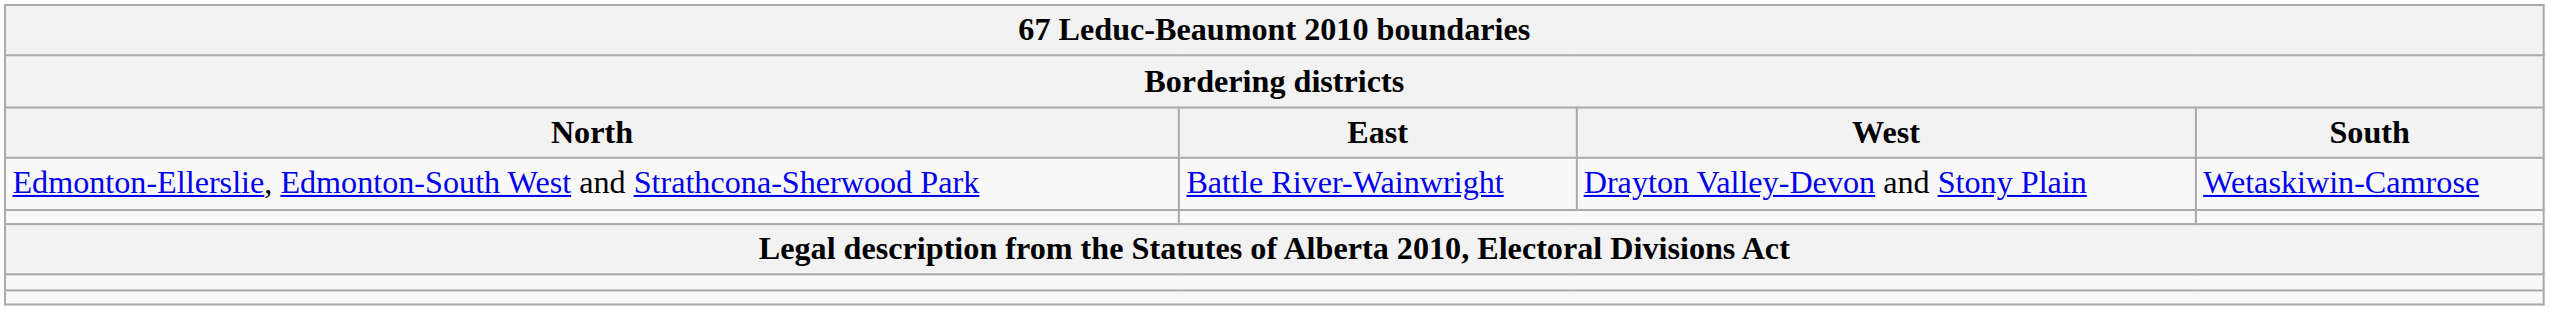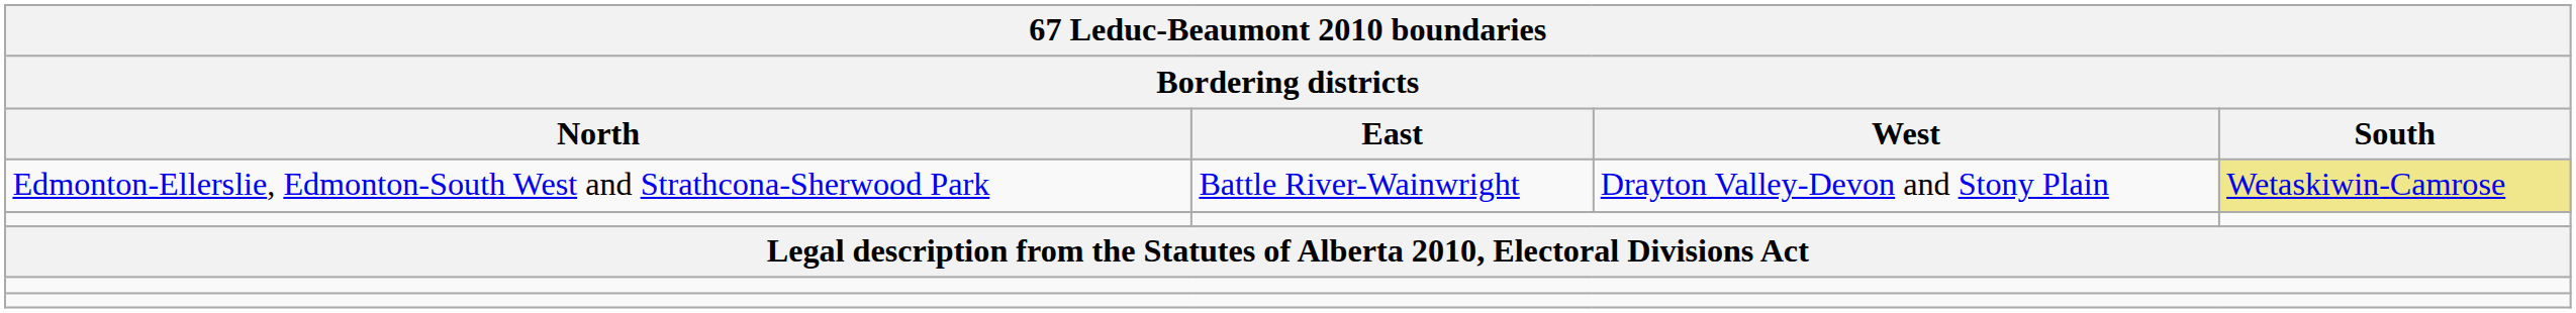 <table class="wikitable collapsible collapsed" style="width:100%;">
 <tr>
 <th colspan=4>67 Leduc-Beaumont 2010 boundaries</th>
 </tr>
 <tr>
 <th colspan=4>Bordering districts</th>
 </tr>
 <tr>
 <th>North</th>
 <th>East</th>
 <th>West</th>
 <th>South</th>
 </tr>
 <tr>
 <td><a href='#'>Edmonton-Ellerslie</a>, <a href='#'>Edmonton-South West</a> and <a href='#'>Strathcona-Sherwood Park</a></td>
 <td><a href='#'>Battle River-Wainwright</a></td>
 <td><a href='#'>Drayton Valley-Devon</a> and <a href='#'>Stony Plain</a></td>
-<td><a href='#'>Wetaskiwin-Camrose</a></td>
+<td style="background: khaki;"><a href='#'>Wetaskiwin-Camrose</a></td>
 </tr>
 <tr>
 <td align=center></td>
 <td colspan=2 align=center></td>
 <td align=center></td>
 </tr>
 <tr>
 <th colspan=4>Legal description from the Statutes of Alberta 2010, Electoral Divisions Act</th>
 </tr>
 <tr>
 <td colspan=4></td>
 </tr>
 <tr>
 <td colspan=4></td>
 </tr>
 </table>
